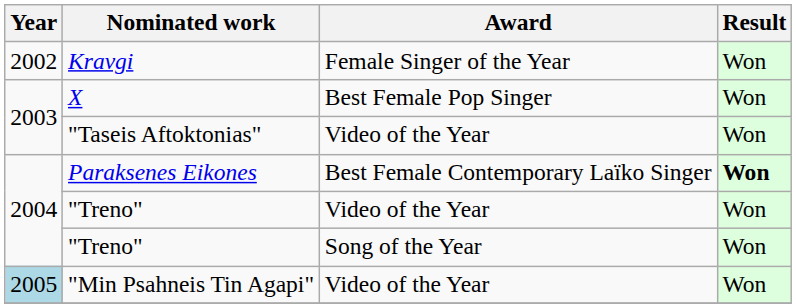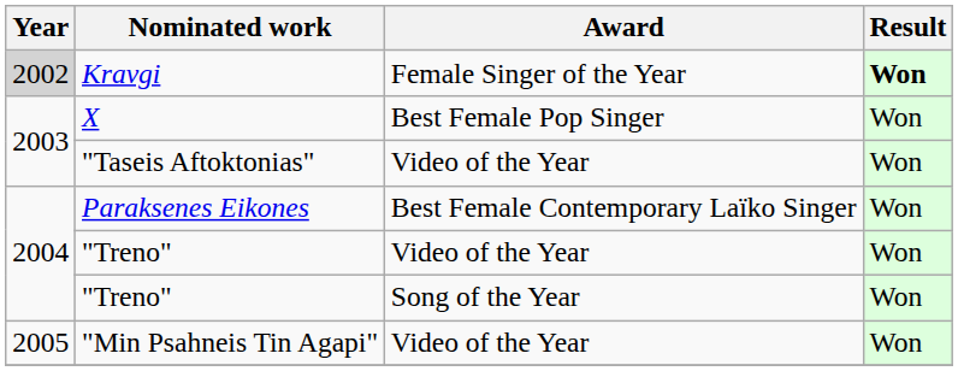 <table class="wikitable">
 <tr>
 <th>Year</th>
 <th>Nominated work</th>
 <th>Award</th>
 <th>Result</th>
 </tr>
 <tr>
-<td>2002</td>
+<td style="background: lightgrey;">2002</td>
 <td><em><a href='#'>Kravgi</a></em></td>
 <td>Female Singer of the Year</td>
-<td style="background: #ddffdd">Won</td>
+<td style="background: #ddffdd"><strong>Won</strong></td>
 </tr>
 <tr>
 <td rowspan="2">2003</td>
 <td><em><a href='#'>X</a></em></td>
 <td>Best Female Pop Singer</td>
 <td style="background: #ddffdd">Won</td>
 </tr>
 <tr>
 <td>"Taseis Aftoktonias"</td>
 <td>Video of the Year</td>
 <td style="background: #ddffdd">Won</td>
 </tr>
 <tr>
 <td rowspan="3">2004</td>
 <td><em><a href='#'>Paraksenes Eikones</a></em></td>
 <td>Best Female Contemporary Laïko Singer</td>
-<td style="background: #ddffdd"><strong>Won</strong></td>
+<td style="background: #ddffdd">Won</td>
 </tr>
 <tr>
 <td>"Treno"</td>
 <td>Video of the Year</td>
 <td style="background: #ddffdd">Won</td>
 </tr>
 <tr>
 <td>"Treno"</td>
 <td>Song of the Year</td>
 <td style="background: #ddffdd">Won</td>
 </tr>
 <tr>
-<td style="background: lightblue;">2005</td>
+<td>2005</td>
 <td>"Min Psahneis Tin Agapi"</td>
 <td>Video of the Year</td>
 <td style="background: #ddffdd">Won</td>
 </tr>
 <tr>
 </tr>
 </table>
